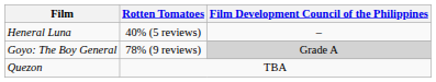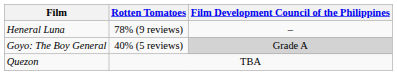 <table class="wikitable plainrowheaders" style="text-align:center">
 <tr>
 <th>Film</th>
 <th><a href='#'>Rotten Tomatoes</a></th>
 <th><a href='#'>Film Development Council of the Philippines</a></th>
 </tr>
 <tr>
 <td style="text-align:left"><em>Heneral Luna</em></td>
-<td>40% (5 reviews)</td>
+<td>78% (9 reviews)</td>
 <td>–</td>
 </tr>
 <tr>
 <td style="text-align:left"><em>Goyo: The Boy General</em></td>
-<td>78% (9 reviews)</td>
+<td>40% (5 reviews)</td>
 <td style="background: lightgrey;">Grade A</td>
 </tr>
 <tr>
 <td style="text-align:left"><em>Quezon</em></td>
 <td colspan="2">TBA</td>
 </tr>
 </table>
